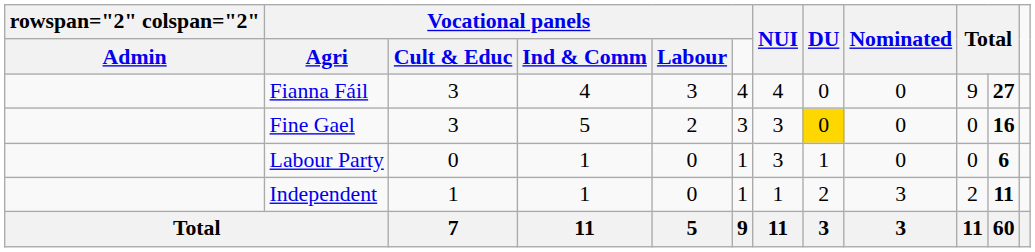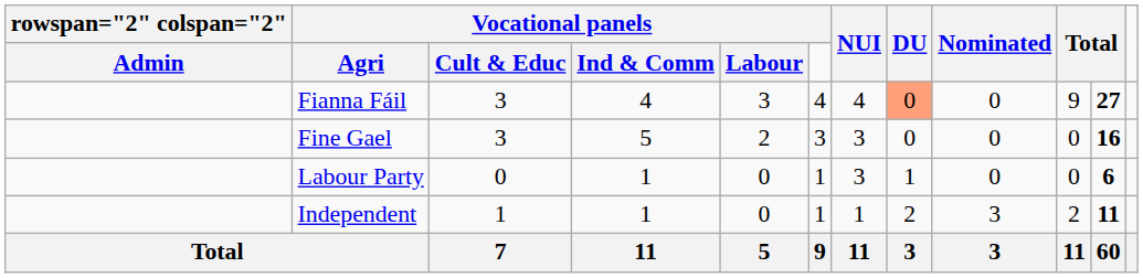 <table class="wikitable">
 <tr>
 <th>rowspan="2" colspan="2" </th>
 <th scope="col" colspan="5"><a href='#'>Vocational panels</a></th>
 <th rowspan="2"><a href='#'>NUI</a></th>
 <th rowspan="2"><a href='#'>DU</a></th>
 <th rowspan="2"><a href='#'>Nominated</a></th>
 <th rowspan="2" colspan="2">Total</th>
 </tr>
 <tr>
 <th scope="col"><a href='#'>Admin</a></th>
 <th scope="col"><a href='#'>Agri</a></th>
 <th scope="col"><a href='#'>Cult & Educ</a></th>
 <th scope="col"><a href='#'>Ind & Comm</a></th>
 <th scope="col"><a href='#'>Labour</a></th>
 </tr>
 <tr style="text-align:center">
 <td style="background-color: "></td>
 <td align="left"><a href='#'>Fianna Fáil</a></td>
 <td>3</td>
 <td>4</td>
 <td>3</td>
 <td>4</td>
 <td>4</td>
-<td>0</td>
+<td style="background: lightsalmon;">0</td>
 <td>0</td>
 <td>9</td>
 <td><strong>27</strong></td>
 <td style="background-color: "></td>
 </tr>
 <tr style="text-align:center">
 <td style="background-color: "></td>
 <td align="left"><a href='#'>Fine Gael</a></td>
 <td>3</td>
 <td>5</td>
 <td>2</td>
 <td>3</td>
 <td>3</td>
-<td style="background: gold;">0</td>
+<td>0</td>
 <td>0</td>
 <td>0</td>
 <td><strong>16</strong></td>
 <td style="background-color: "></td>
 </tr>
 <tr style="text-align:center">
 <td style="background-color: "></td>
 <td align="left"><a href='#'>Labour Party</a></td>
 <td>0</td>
 <td>1</td>
 <td>0</td>
 <td>1</td>
 <td>3</td>
 <td>1</td>
 <td>0</td>
 <td>0</td>
 <td><strong>6</strong></td>
 <td style="background-color: "></td>
 </tr>
 <tr style="text-align:center">
 <td style="background-color: "></td>
 <td align="left"><a href='#'>Independent</a></td>
 <td>1</td>
 <td>1</td>
 <td>0</td>
 <td>1</td>
 <td>1</td>
 <td>2</td>
 <td>3</td>
 <td>2</td>
 <td><strong>11</strong></td>
 <td style="background-color: "></td>
 </tr>
 <tr style="text-align:center">
 <th colspan="2">Total</th>
 <th>7</th>
 <th>11</th>
 <th>5</th>
 <th>9</th>
 <th>11</th>
 <th>3</th>
 <th>3</th>
 <th>11</th>
 <th>60</th>
 <th></th>
 </tr>
 </table>
